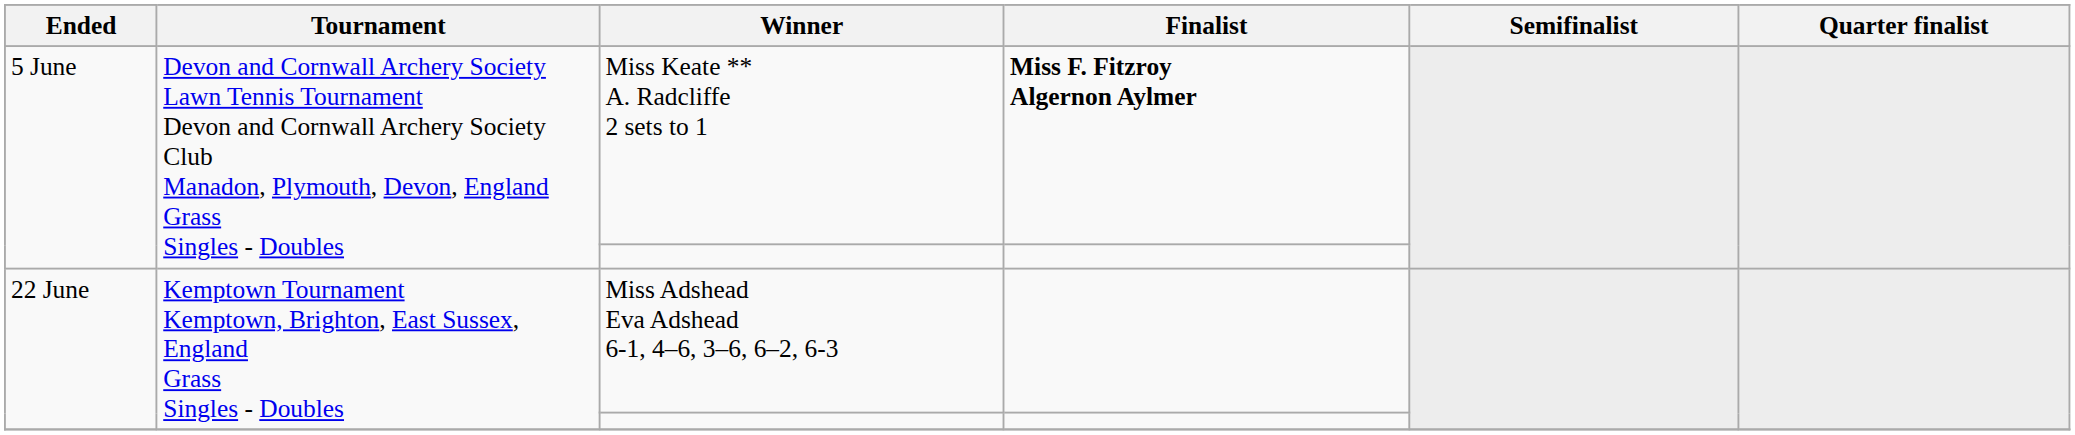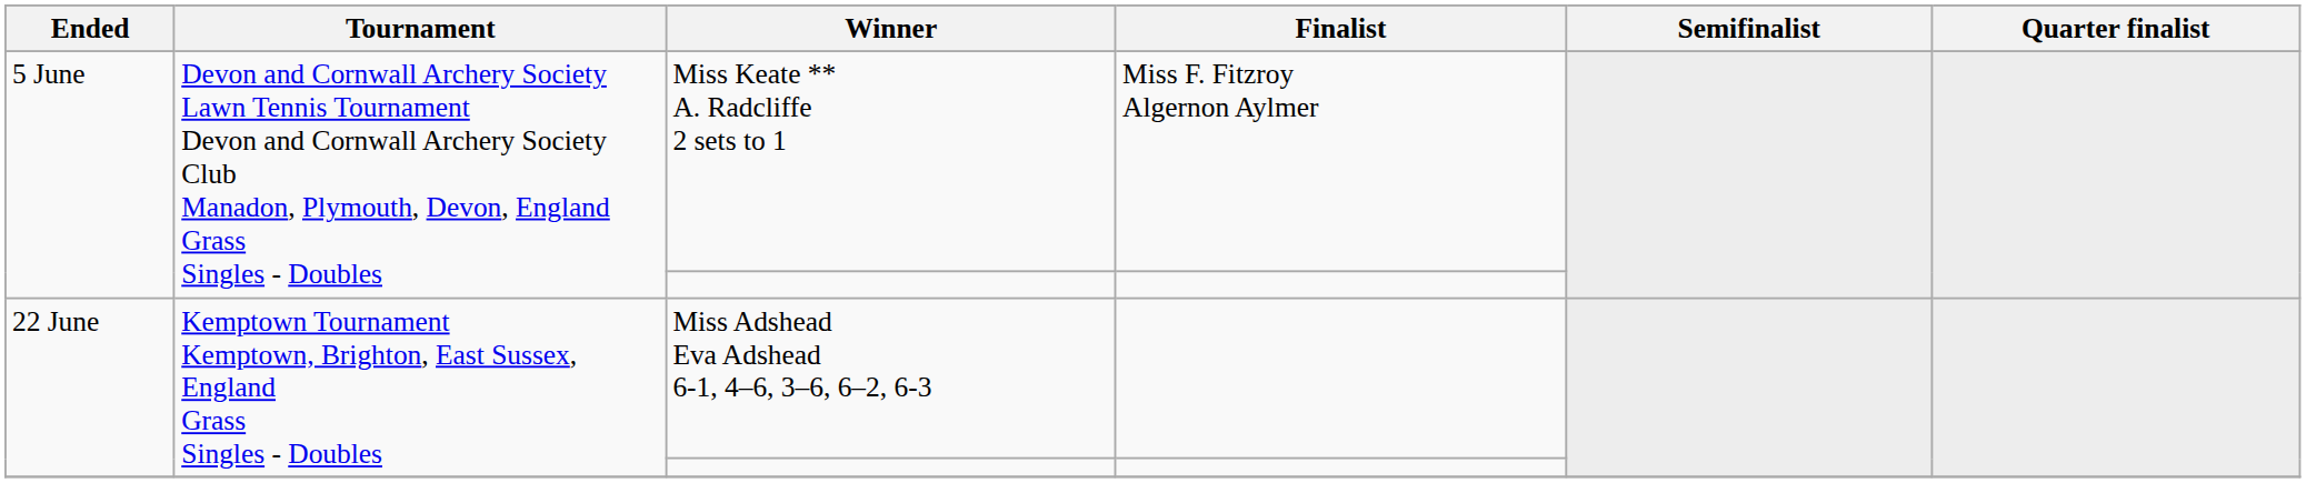 <table class="wikitable" style="font-size:85%;">
 <tr>
 <th width="75">Ended</th>
 <th width="230">Tournament</th>
 <th width="210">Winner</th>
 <th width="210">Finalist</th>
 <th width="170">Semifinalist</th>
 <th width="170">Quarter finalist</th>
 </tr>
 <tr valign=top>
 <td rowspan=2>5 June </td>
 <td rowspan="2"><a href='#'>Devon and Cornwall Archery Society Lawn Tennis Tournament</a><br>Devon and Cornwall Archery Society Club<br><a href='#'>Manadon</a>, <a href='#'>Plymouth</a>, <a href='#'>Devon</a>, <a href='#'>England</a><br><a href='#'>Grass</a><br><a href='#'>Singles</a> - <a href='#'>Doubles</a></td>
 <td> Miss Keate **<br> A. Radcliffe<br>2 sets to 1</td>
-<td><strong> Miss F. Fitzroy<br> Algernon Aylmer</strong></td>
+<td> Miss F. Fitzroy<br> Algernon Aylmer</td>
 <td style="background:#ededed;" rowspan=2></td>
 <td style="background:#ededed;" rowspan=2></td>
 </tr>
 <tr valign=top>
 <td></td>
 <td></td>
 </tr>
 <tr valign=top>
 <td rowspan=2>22 June </td>
 <td rowspan="2"><a href='#'>Kemptown Tournament</a><br><a href='#'>Kemptown, Brighton</a>, <a href='#'>East Sussex</a>, <a href='#'>England</a><br><a href='#'>Grass</a><br><a href='#'>Singles</a> - <a href='#'>Doubles</a></td>
 <td> Miss Adshead<br> Eva Adshead<br>6-1, 4–6, 3–6, 6–2, 6-3</td>
 <td></td>
 <td style="background:#ededed;" rowspan=2></td>
 <td style="background:#ededed;" rowspan=2></td>
 </tr>
 <tr valign=top>
 <td></td>
 <td></td>
 </tr>
 <tr valign=top>
 </tr>
 </table>
